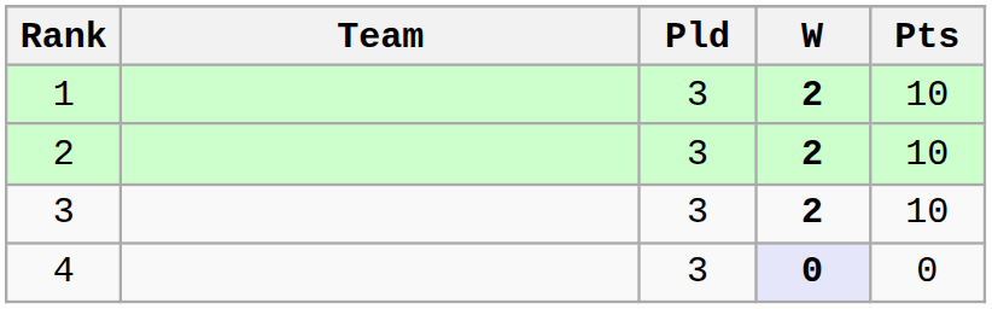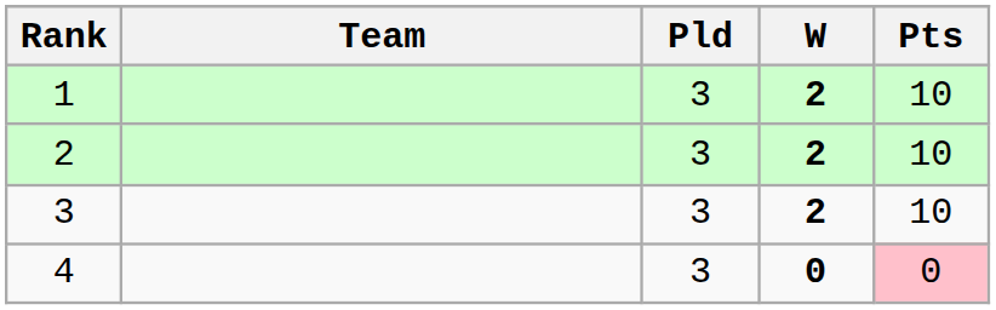 <table class="wikitable">
 <tr>
 </tr>
 <tr>
 <th style="width:35px">Rank</th>
 <th style="width:180px">Team</th>
 <th style="width:35px">Pld</th>
 <th style="width:35px">W</th>
 <th style="width:35px">Pts</th>
 </tr>
 <tr bgcolor=#ccffcc>
 <td align=center>1</td>
 <td></td>
 <td align=center>3</td>
 <td align=center><strong>2</strong></td>
 <td align=center>10</td>
 </tr>
 <tr bgcolor=#ccffcc>
 <td align=center>2</td>
 <td></td>
 <td align=center>3</td>
 <td align=center><strong>2</strong></td>
 <td align=center>10</td>
 </tr>
 <tr>
 <td align=center>3</td>
 <td></td>
 <td align=center>3</td>
 <td align=center><strong>2</strong></td>
 <td align=center>10</td>
 </tr>
 <tr>
 <td align=center>4</td>
 <td></td>
 <td align=center>3</td>
-<td align=center style="background: lavender;"><strong>0</strong></td>
-<td align=center>0</td>
+<td align=center><strong>0</strong></td>
+<td align=center style="background: pink;">0</td>
 </tr>
 </table>
